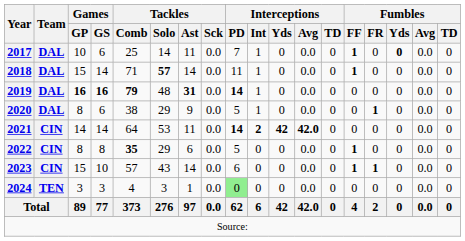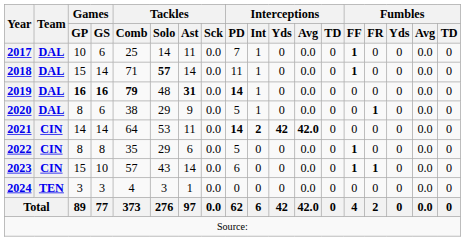 <table class="wikitable" style="text-align:center;">
 <tr>
 <th rowspan="2">Year</th>
 <th rowspan="2">Team</th>
 <th colspan="2">Games</th>
 <th colspan="4">Tackles</th>
 <th colspan="5">Interceptions</th>
 <th colspan="5">Fumbles</th>
 </tr>
 <tr>
 <th>GP</th>
 <th>GS</th>
 <th>Comb</th>
 <th>Solo</th>
 <th>Ast</th>
 <th>Sck</th>
 <th>PD</th>
 <th>Int</th>
 <th>Yds</th>
 <th>Avg</th>
 <th>TD</th>
 <th>FF</th>
 <th>FR</th>
 <th>Yds</th>
 <th>Avg</th>
 <th>TD</th>
 </tr>
 <tr>
 <th><a href='#'>2017</a></th>
 <th><a href='#'>DAL</a></th>
 <td>10</td>
 <td>6</td>
 <td>25</td>
 <td>14</td>
 <td>11</td>
 <td>0.0</td>
 <td>7</td>
 <td>1</td>
 <td>0</td>
 <td>0.0</td>
 <td>0</td>
 <td><strong>1</strong></td>
 <td>0</td>
-<td><strong>0</strong></td>
+<td>0</td>
 <td>0.0</td>
 <td>0</td>
 </tr>
 <tr>
 <th><a href='#'>2018</a></th>
 <th><a href='#'>DAL</a></th>
 <td>15</td>
 <td>14</td>
 <td>71</td>
 <td><strong>57</strong></td>
 <td>14</td>
 <td>0.0</td>
 <td>11</td>
 <td>1</td>
 <td>0</td>
 <td>0.0</td>
 <td>0</td>
 <td><strong>1</strong></td>
 <td>0</td>
 <td>0</td>
 <td>0.0</td>
 <td>0</td>
 </tr>
 <tr>
 <th><a href='#'>2019</a></th>
 <th><a href='#'>DAL</a></th>
 <td><strong>16</strong></td>
 <td><strong>16</strong></td>
 <td><strong>79</strong></td>
 <td>48</td>
 <td><strong>31</strong></td>
 <td>0.0</td>
 <td><strong>14</strong></td>
 <td>1</td>
 <td>0</td>
 <td>0.0</td>
 <td>0</td>
 <td>0</td>
 <td>0</td>
 <td>0</td>
 <td>0.0</td>
 <td>0</td>
 </tr>
 <tr>
 <th><a href='#'>2020</a></th>
 <th><a href='#'>DAL</a></th>
 <td>8</td>
 <td>6</td>
 <td>38</td>
 <td>29</td>
 <td>9</td>
 <td>0.0</td>
 <td>5</td>
 <td>1</td>
 <td>0</td>
 <td>0.0</td>
 <td>0</td>
 <td>0</td>
 <td><strong>1</strong></td>
 <td>0</td>
 <td>0.0</td>
 <td>0</td>
 </tr>
 <tr>
 <th><a href='#'>2021</a></th>
 <th><a href='#'>CIN</a></th>
 <td>14</td>
 <td>14</td>
 <td>64</td>
 <td>53</td>
 <td>11</td>
 <td>0.0</td>
 <td><strong>14</strong></td>
 <td><strong>2</strong></td>
 <td><strong>42</strong></td>
 <td><strong>42.0</strong></td>
 <td>0</td>
 <td>0</td>
 <td>0</td>
 <td>0</td>
 <td>0.0</td>
 <td>0</td>
 </tr>
 <tr>
 <th><a href='#'>2022</a></th>
 <th><a href='#'>CIN</a></th>
 <td>8</td>
 <td>8</td>
-<td><strong>35</strong></td>
+<td>35</td>
 <td>29</td>
 <td>6</td>
 <td>0.0</td>
 <td>5</td>
 <td>0</td>
 <td>0</td>
 <td>0.0</td>
 <td>0</td>
 <td><strong>1</strong></td>
 <td>0</td>
 <td>0</td>
 <td>0.0</td>
 <td>0</td>
 </tr>
 <tr>
 <th><a href='#'>2023</a></th>
 <th><a href='#'>CIN</a></th>
 <td>15</td>
 <td>10</td>
 <td>57</td>
 <td>43</td>
 <td>14</td>
 <td>0.0</td>
 <td>6</td>
 <td>0</td>
 <td>0</td>
 <td>0.0</td>
 <td>0</td>
 <td><strong>1</strong></td>
 <td><strong>1</strong></td>
 <td>0</td>
 <td>0.0</td>
 <td>0</td>
 </tr>
 <tr>
 <th><a href='#'>2024</a></th>
 <th><a href='#'>TEN</a></th>
 <td>3</td>
 <td>3</td>
 <td>4</td>
 <td>3</td>
 <td>1</td>
 <td>0.0</td>
-<td style="background: lightgreen;">0</td>
+<td>0</td>
 <td>0</td>
 <td>0</td>
 <td>0.0</td>
 <td>0</td>
 <td>0</td>
 <td>0</td>
 <td>0</td>
 <td>0.0</td>
 <td>0</td>
 </tr>
 <tr>
 <th colspan="2">Total</th>
 <th>89</th>
 <th>77</th>
 <th>373</th>
 <th>276</th>
 <th>97</th>
 <th>0.0</th>
 <th>62</th>
 <th>6</th>
 <th>42</th>
 <th>42.0</th>
 <th>0</th>
 <th>4</th>
 <th>2</th>
 <th>0</th>
 <th>0.0</th>
 <th>0</th>
 </tr>
 <tr>
 <td colspan="18"><small>Source: </small></td>
 </tr>
 </table>
